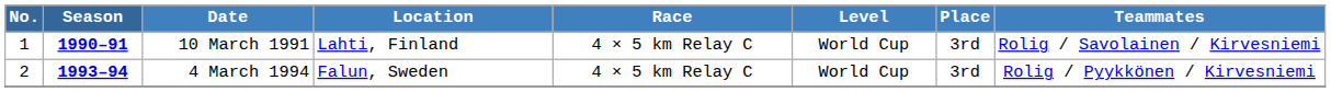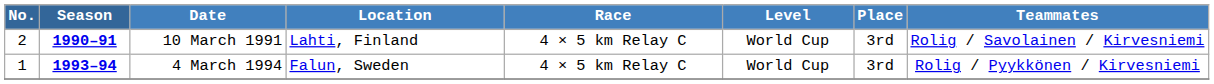 <table class="wikitable sortable" style="font-size:95%; text-align:center; border:grey solid 1px; border-collapse:collapse; background:#ffffff;">
 <tr style="background:#efefef;">
 <th style="background-color:#369; color:white;">No.</th>
 <th style="background-color:#369; color:white;">Season</th>
 <th style="background-color:#4180be; color:white; width:120px;">Date</th>
 <th style="background-color:#4180be; color:white; width:170px;">Location</th>
 <th style="background-color:#4180be; color:white; width:170px;">Race</th>
 <th style="background-color:#4180be; color:white; width:100px;">Level</th>
 <th style="background-color:#4180be; color:white;">Place</th>
 <th style="background-color:#4180be; color:white;">Teammates</th>
 </tr>
 <tr>
-<td align=center>1</td>
+<td align=center>2</td>
 <td rowspan=1 align=center><strong> <a href='#'>1990–91</a> </strong></td>
 <td align=right>10 March 1991</td>
 <td align=left> <a href='#'>Lahti</a>, Finland</td>
 <td>4 × 5 km Relay C</td>
 <td>World Cup</td>
 <td>3rd</td>
 <td><a href='#'>Rolig</a> / <a href='#'>Savolainen</a> / <a href='#'>Kirvesniemi</a></td>
 </tr>
 <tr>
-<td align=center>2</td>
+<td align=center>1</td>
 <td rowspan=1 align=center><strong> <a href='#'>1993–94</a> </strong></td>
 <td align=right>4 March 1994</td>
 <td align=left> <a href='#'>Falun</a>, Sweden</td>
 <td>4 × 5 km Relay C</td>
 <td>World Cup</td>
 <td>3rd</td>
 <td><a href='#'>Rolig</a> / <a href='#'>Pyykkönen</a> / <a href='#'>Kirvesniemi</a></td>
 </tr>
 <tr>
 </tr>
 </table>
